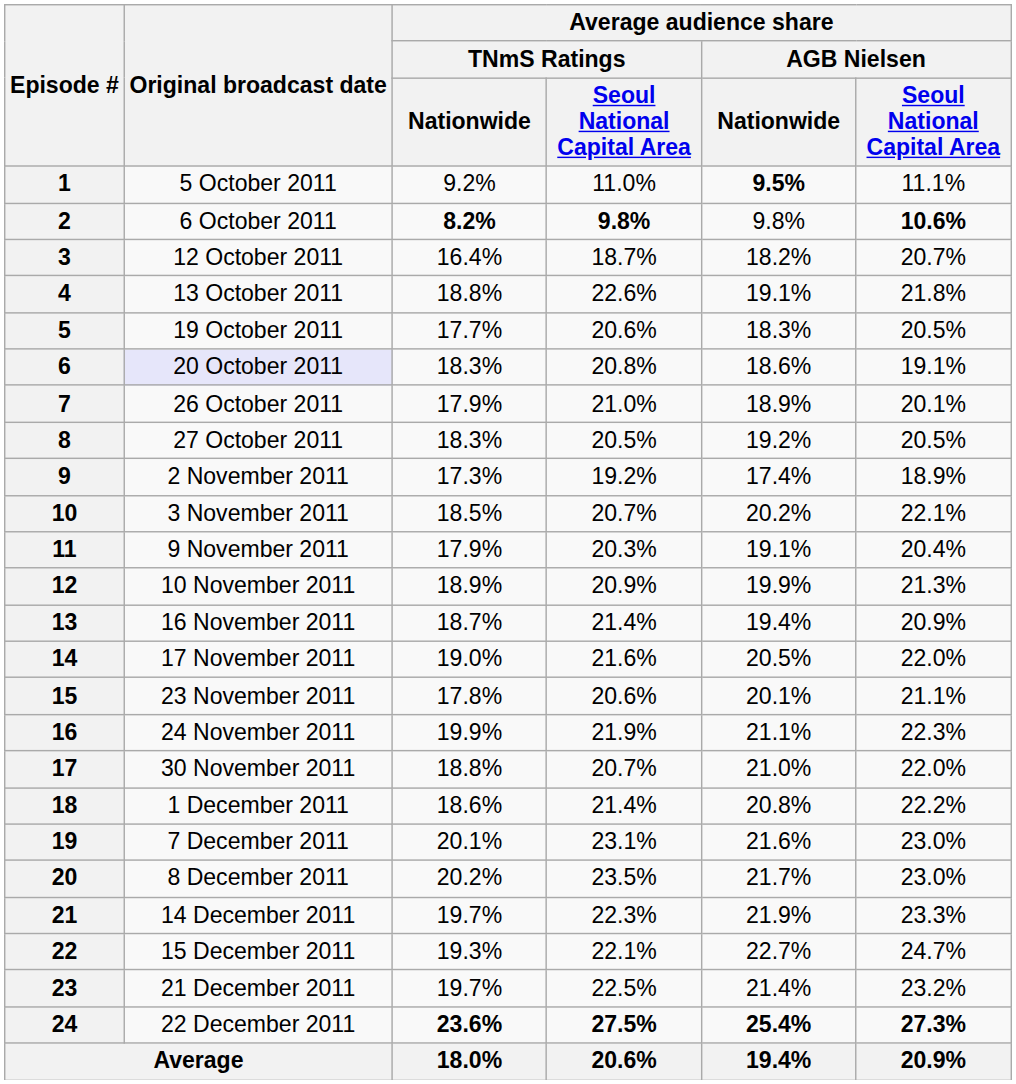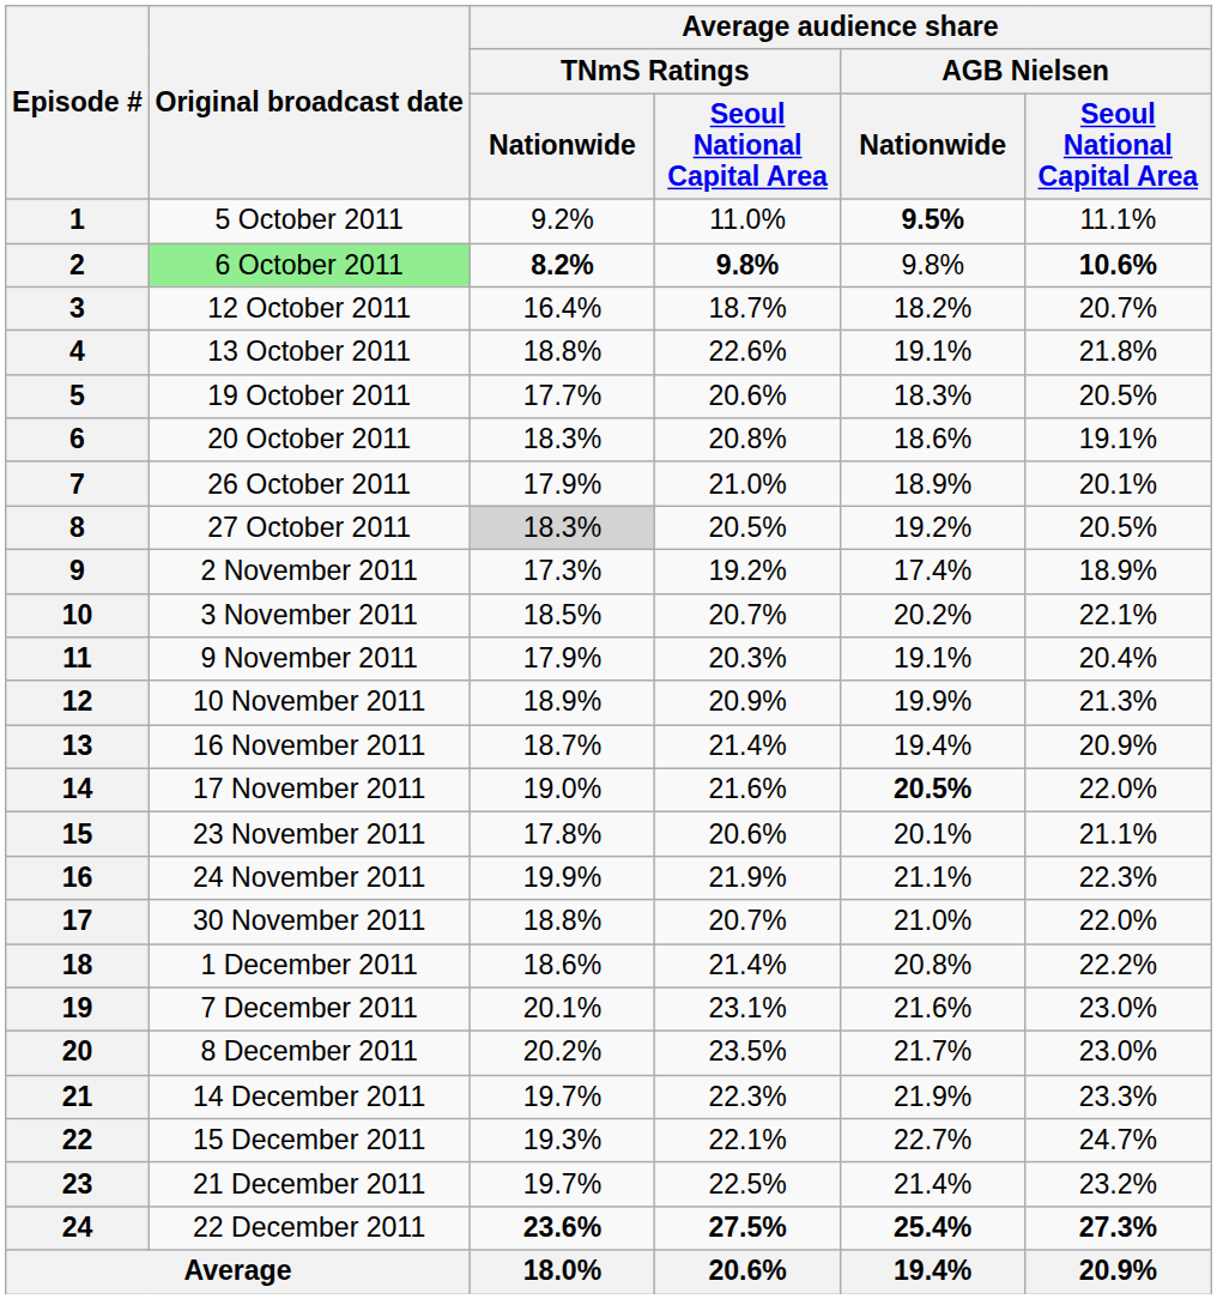 <table class=wikitable style="text-align:center">
 <tr>
 <th rowspan="3">Episode #</th>
 <th rowspan="3">Original broadcast date</th>
 <th colspan="4">Average audience share</th>
 </tr>
 <tr>
 <th colspan="2">TNmS Ratings</th>
 <th colspan="2">AGB Nielsen</th>
 </tr>
 <tr>
 <th width=100>Nationwide</th>
 <th width=100><a href='#'>Seoul National Capital Area</a></th>
 <th width=100>Nationwide</th>
 <th width=100><a href='#'>Seoul National Capital Area</a></th>
 </tr>
 <tr>
 <th>1</th>
 <td>5 October 2011</td>
 <td>9.2%</td>
 <td>11.0%</td>
 <td><span><strong>9.5%</strong></span></td>
 <td>11.1%</td>
 </tr>
 <tr>
 <th>2</th>
-<td>6 October 2011</td>
+<td style="background: lightgreen;">6 October 2011</td>
 <td><span><strong>8.2%</strong></span></td>
 <td><span><strong>9.8%</strong></span></td>
 <td>9.8%</td>
 <td><span><strong>10.6%</strong></span></td>
 </tr>
 <tr>
 <th>3</th>
 <td>12 October 2011</td>
 <td>16.4%</td>
 <td>18.7%</td>
 <td>18.2%</td>
 <td>20.7%</td>
 </tr>
 <tr>
 <th>4</th>
 <td>13 October 2011</td>
 <td>18.8%</td>
 <td>22.6%</td>
 <td>19.1%</td>
 <td>21.8%</td>
 </tr>
 <tr>
 <th>5</th>
 <td>19 October 2011</td>
 <td>17.7%</td>
 <td>20.6%</td>
 <td>18.3%</td>
 <td>20.5%</td>
 </tr>
 <tr>
 <th>6</th>
-<td style="background: lavender;">20 October 2011</td>
+<td>20 October 2011</td>
 <td>18.3%</td>
 <td>20.8%</td>
 <td>18.6%</td>
 <td>19.1%</td>
 </tr>
 <tr>
 <th>7</th>
 <td>26 October 2011</td>
 <td>17.9%</td>
 <td>21.0%</td>
 <td>18.9%</td>
 <td>20.1%</td>
 </tr>
 <tr>
 <th>8</th>
 <td>27 October 2011</td>
-<td>18.3%</td>
+<td style="background: lightgrey;">18.3%</td>
 <td>20.5%</td>
 <td>19.2%</td>
 <td>20.5%</td>
 </tr>
 <tr>
 <th>9</th>
 <td>2 November 2011</td>
 <td>17.3%</td>
 <td>19.2%</td>
 <td>17.4%</td>
 <td>18.9%</td>
 </tr>
 <tr>
 <th>10</th>
 <td>3 November 2011</td>
 <td>18.5%</td>
 <td>20.7%</td>
 <td>20.2%</td>
 <td>22.1%</td>
 </tr>
 <tr>
 <th>11</th>
 <td>9 November 2011</td>
 <td>17.9%</td>
 <td>20.3%</td>
 <td>19.1%</td>
 <td>20.4%</td>
 </tr>
 <tr>
 <th>12</th>
 <td>10 November 2011</td>
 <td>18.9%</td>
 <td>20.9%</td>
 <td>19.9%</td>
 <td>21.3%</td>
 </tr>
 <tr>
 <th>13</th>
 <td>16 November 2011</td>
 <td>18.7%</td>
 <td>21.4%</td>
 <td>19.4%</td>
 <td>20.9%</td>
 </tr>
 <tr>
 <th>14</th>
 <td>17 November 2011</td>
 <td>19.0%</td>
 <td>21.6%</td>
-<td>20.5%</td>
+<td><strong>20.5%</strong></td>
 <td>22.0%</td>
 </tr>
 <tr>
 <th>15</th>
 <td>23 November 2011</td>
 <td>17.8%</td>
 <td>20.6%</td>
 <td>20.1%</td>
 <td>21.1%</td>
 </tr>
 <tr>
 <th>16</th>
 <td>24 November 2011</td>
 <td>19.9%</td>
 <td>21.9%</td>
 <td>21.1%</td>
 <td>22.3%</td>
 </tr>
 <tr>
 <th>17</th>
 <td>30 November 2011</td>
 <td>18.8%</td>
 <td>20.7%</td>
 <td>21.0%</td>
 <td>22.0%</td>
 </tr>
 <tr>
 <th>18</th>
 <td>1 December 2011</td>
 <td>18.6%</td>
 <td>21.4%</td>
 <td>20.8%</td>
 <td>22.2%</td>
 </tr>
 <tr>
 <th>19</th>
 <td>7 December 2011</td>
 <td>20.1%</td>
 <td>23.1%</td>
 <td>21.6%</td>
 <td>23.0%</td>
 </tr>
 <tr>
 <th>20</th>
 <td>8 December 2011</td>
 <td>20.2%</td>
 <td>23.5%</td>
 <td>21.7%</td>
 <td>23.0%</td>
 </tr>
 <tr>
 <th>21</th>
 <td>14 December 2011</td>
 <td>19.7%</td>
 <td>22.3%</td>
 <td>21.9%</td>
 <td>23.3%</td>
 </tr>
 <tr>
 <th>22</th>
 <td>15 December 2011</td>
 <td>19.3%</td>
 <td>22.1%</td>
 <td>22.7%</td>
 <td>24.7%</td>
 </tr>
 <tr>
 <th>23</th>
 <td>21 December 2011</td>
 <td>19.7%</td>
 <td>22.5%</td>
 <td>21.4%</td>
 <td>23.2%</td>
 </tr>
 <tr>
 <th>24</th>
 <td>22 December 2011</td>
 <td><span><strong>23.6%</strong></span></td>
 <td><span><strong>27.5%</strong></span></td>
 <td><span><strong>25.4%</strong></span></td>
 <td><span><strong>27.3%</strong></span></td>
 </tr>
 <tr>
 <th colspan=2>Average</th>
 <th>18.0%</th>
 <th>20.6%</th>
 <th>19.4%</th>
 <th>20.9%</th>
 </tr>
 </table>
